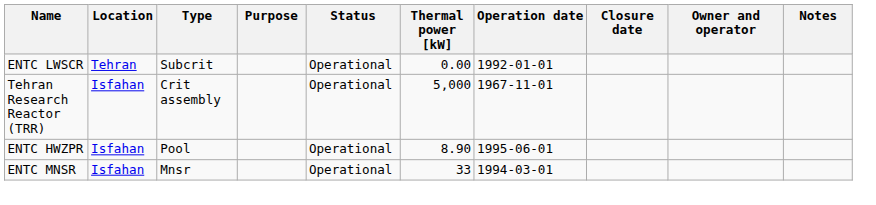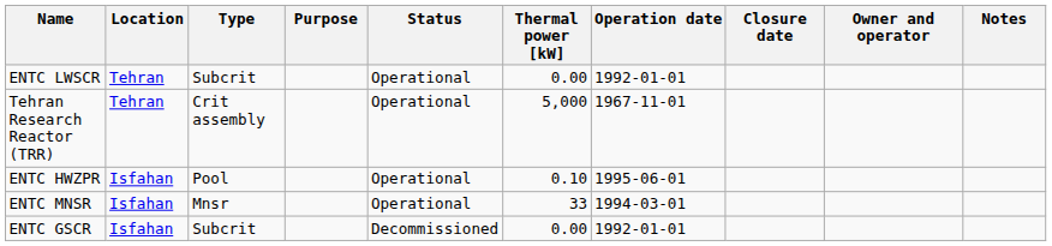 <table class="wikitable" >
 <tr valign="top">
 <th width="80">Name</th>
 <th width="65">Location</th>
 <th width="76">Type</th>
 <th width="65">Purpose</th>
 <th width="91">Status</th>
 <th width="70“">Thermal power [kW]</th>
 <th width=„67“>Operation date</th>
 <th width="78“">Closure date</th>
 <th width="113“">Owner and operator</th>
 <th width="65">Notes</th>
 </tr>
 <tr valign="top">
 <td>ENTC LWSCR</td>
 <td><a href='#'>Tehran</a></td>
 <td>Subcrit</td>
 <td></td>
 <td>Operational</td>
 <td align="right">0.00</td>
 <td>1992-01-01</td>
 <td></td>
 <td></td>
 <td></td>
 </tr>
 <tr valign="top">
 <td>Tehran Research Reactor (TRR)</td>
-<td><a href='#'>Isfahan</a></td>
+<td><a href='#'>Tehran</a></td>
 <td>Crit assembly</td>
 <td></td>
 <td>Operational</td>
 <td align="right">5,000</td>
 <td>1967-11-01</td>
 <td></td>
 <td></td>
 <td></td>
 </tr>
 <tr valign="top">
 <td>ENTC HWZPR</td>
 <td><a href='#'>Isfahan</a></td>
 <td>Pool</td>
 <td></td>
 <td>Operational</td>
-<td align="right">8.90</td>
+<td align="right">0.10</td>
 <td>1995-06-01</td>
 <td></td>
 <td></td>
 <td></td>
 </tr>
 <tr valign="top">
 <td>ENTC MNSR</td>
 <td><a href='#'>Isfahan</a></td>
 <td>Mnsr</td>
 <td></td>
 <td>Operational</td>
 <td align="right">33</td>
 <td>1994-03-01</td>
 <td></td>
 <td></td>
 <td></td>
 </tr>
+<tr valign="top">
+<td>ENTC GSCR</td>
+<td><a href='#'>Isfahan</a></td>
+<td>Subcrit</td>
+<td></td>
+<td>Decommissioned</td>
+<td align="right">0.00</td>
+<td>1992-01-01</td>
+<td></td>
+<td></td>
+<td></td>
+</tr>
 </table>
